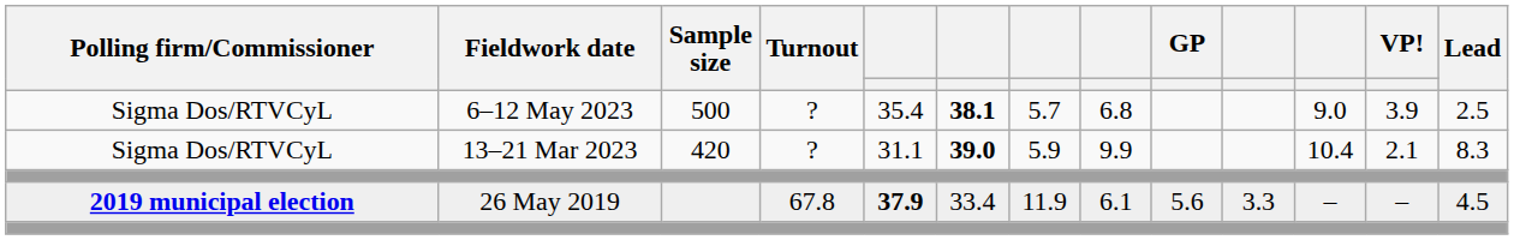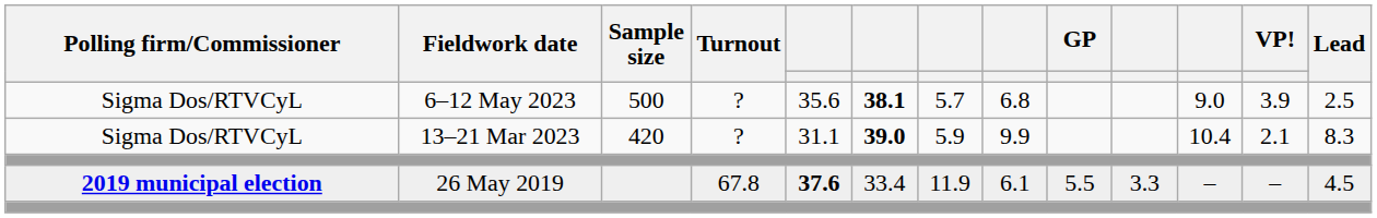 <table class="wikitable collapsible collapsed" style="text-align:center; font-size:95%; line-height:16px;">
 <tr style="height:42px;">
 <th style="width:250px;" rowspan="2">Polling firm/Commissioner</th>
 <th style="width:125px;" rowspan="2">Fieldwork date</th>
 <th style="width:50px;" rowspan="2">Sample size</th>
 <th style="width:45px;" rowspan="2">Turnout</th>
 <th style="width:35px;"></th>
 <th style="width:35px;"></th>
 <th style="width:35px;"></th>
 <th style="width:35px;"></th>
 <th style="width:35px;">GP</th>
 <th style="width:35px;"></th>
 <th style="width:35px;"></th>
 <th style="width:35px;">VP!</th>
 <th style="width:30px;" rowspan="2">Lead</th>
 </tr>
 <tr>
 <th style="color:inherit;background:"></th>
 <th style="color:inherit;background:"></th>
 <th style="color:inherit;background:"></th>
 <th style="color:inherit;background:"></th>
 <th style="color:inherit;background:"></th>
 <th style="color:inherit;background:"></th>
 <th style="color:inherit;background:"></th>
 <th style="color:inherit;background:"></th>
 </tr>
 <tr>
 <td>Sigma Dos/RTVCyL</td>
 <td>6–12 May 2023</td>
 <td>500</td>
 <td>?</td>
-<td>35.4<br></td>
+<td>35.6<br></td>
 <td><strong>38.1</strong><br></td>
 <td>5.7<br></td>
 <td>6.8<br></td>
 <td></td>
 <td></td>
 <td>9.0<br></td>
 <td>3.9<br></td>
 <td style="background:">2.5</td>
 </tr>
 <tr>
 <td>Sigma Dos/RTVCyL</td>
 <td>13–21 Mar 2023</td>
 <td>420</td>
 <td>?</td>
 <td>31.1<br></td>
 <td><strong>39.0</strong><br></td>
 <td>5.9<br></td>
 <td>9.9<br></td>
 <td></td>
 <td></td>
 <td>10.4<br></td>
 <td>2.1<br></td>
 <td style="background:">8.3</td>
 </tr>
 <tr>
 <td colspan="13" style="background:#A0A0A0"></td>
 </tr>
 <tr style="background:#EFEFEF;">
 <td><strong><a href='#'>2019 municipal election</a></strong></td>
 <td>26 May 2019</td>
 <td></td>
 <td>67.8</td>
-<td><strong>37.9</strong><br></td>
+<td><strong>37.6</strong><br></td>
 <td>33.4<br></td>
 <td>11.9<br></td>
 <td>6.1<br></td>
-<td>5.6<br></td>
+<td>5.5<br></td>
 <td>3.3<br></td>
 <td>–</td>
 <td>–</td>
 <td style="background:">4.5</td>
 </tr>
 <tr>
 <td colspan="13" style="background:#A0A0A0"></td>
 </tr>
 </table>
